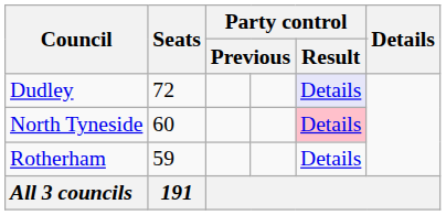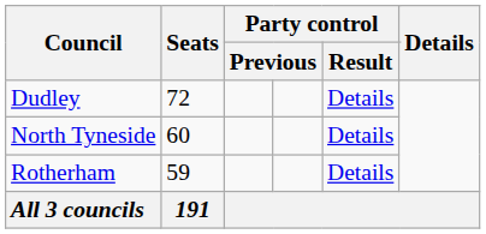 <table class="wikitable sortable">
 <tr>
 <th rowspan="2">Council</th>
 <th rowspan="2">Seats</th>
 <th colspan="4">Party control</th>
 <th rowspan="2">Details</th>
 </tr>
 <tr>
 <th colspan="2">Previous</th>
 <th colspan="2">Result</th>
 </tr>
 <tr>
 <td><a href='#'>Dudley</a></td>
 <td>72</td>
 <td></td>
 <td></td>
-<td style="background: lavender;"><a href='#'>Details</a></td>
+<td><a href='#'>Details</a></td>
 </tr>
 <tr>
 <td><a href='#'>North Tyneside</a></td>
 <td>60</td>
 <td></td>
 <td></td>
-<td style="background: pink;"><a href='#'>Details</a></td>
+<td><a href='#'>Details</a></td>
 </tr>
 <tr>
 <td><a href='#'>Rotherham</a></td>
 <td>59</td>
 <td></td>
 <td></td>
 <td><a href='#'>Details</a></td>
 </tr>
 <tr class="sortbottom" style="font-style:italic;">
 <th style="text-align:left;">All 3 councils</th>
 <th>191</th>
 <th colspan="5"></th>
 </tr>
 </table>
